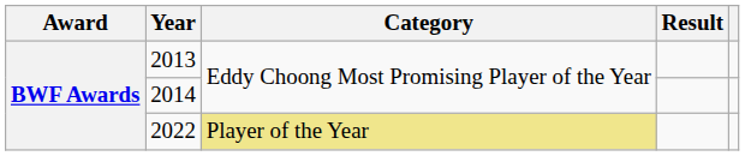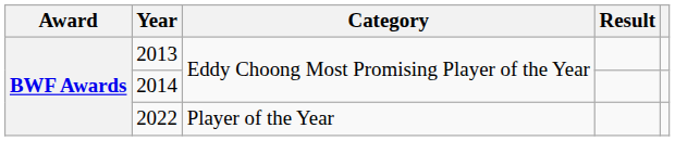 <table class="wikitable plainrowheaders sortable">
 <tr>
 <th scope="col">Award</th>
 <th scope="col">Year</th>
 <th scope="col">Category</th>
 <th scope="col">Result</th>
 <th scope="col" class="unsortable"></th>
 </tr>
 <tr>
 <th rowspan="3" scope="row"><a href='#'>BWF Awards</a></th>
 <td>2013</td>
 <td rowspan=2>Eddy Choong Most Promising Player of the Year</td>
 <td></td>
 <td></td>
 </tr>
 <tr>
 <td>2014</td>
 <td></td>
 <td></td>
 </tr>
 <tr>
 <td>2022</td>
-<td style="background: khaki;">Player of the Year</td>
+<td>Player of the Year</td>
 <td></td>
 <td></td>
 </tr>
 </table>
